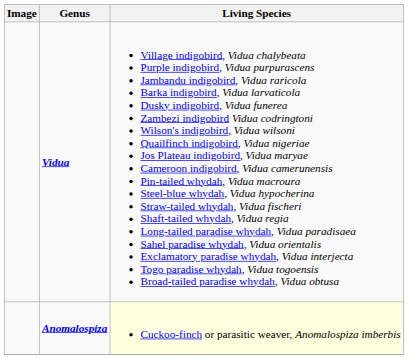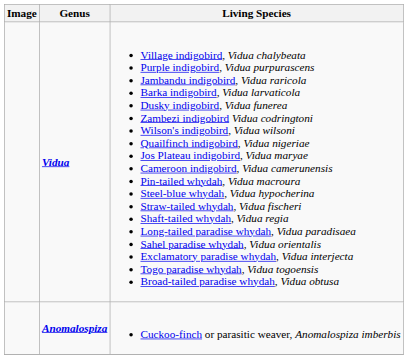 <table class="wikitable">
 <tr>
 <th>Image</th>
 <th>Genus</th>
 <th>Living Species</th>
 </tr>
 <tr>
 <td></td>
 <td><strong><em><a href='#'>Vidua</a></em></strong> </td>
 <td><br><ul><li><a href='#'>Village indigobird</a>, <em>Vidua chalybeata</em></li><li><a href='#'>Purple indigobird</a>, <em>Vidua purpurascens</em></li><li><a href='#'>Jambandu indigobird</a>, <em>Vidua raricola</em></li><li><a href='#'>Barka indigobird</a>, <em>Vidua larvaticola</em></li><li><a href='#'>Dusky indigobird</a>, <em>Vidua funerea</em></li><li><a href='#'>Zambezi indigobird</a> <em>Vidua codringtoni</em></li><li><a href='#'>Wilson's indigobird</a>, <em>Vidua wilsoni</em></li><li><a href='#'>Quailfinch indigobird</a>, <em>Vidua nigeriae</em></li><li><a href='#'>Jos Plateau indigobird</a>, <em>Vidua maryae</em></li><li><a href='#'>Cameroon indigobird</a>, <em>Vidua camerunensis</em></li><li><a href='#'>Pin-tailed whydah</a>, <em>Vidua macroura</em></li><li><a href='#'>Steel-blue whydah</a>, <em>Vidua hypocherina</em></li><li><a href='#'>Straw-tailed whydah</a>, <em>Vidua fischeri</em></li><li><a href='#'>Shaft-tailed whydah</a>, <em>Vidua regia</em></li><li><a href='#'>Long-tailed paradise whydah</a>, <em>Vidua paradisaea</em></li><li><a href='#'>Sahel paradise whydah</a>, <em>Vidua orientalis</em></li><li><a href='#'>Exclamatory paradise whydah</a>, <em>Vidua interjecta</em></li><li><a href='#'>Togo paradise whydah</a>, <em>Vidua togoensis</em></li><li><a href='#'>Broad-tailed paradise whydah</a>, <em>Vidua obtusa</em></li></ul></td>
 </tr>
 <tr>
 <td></td>
 <td><strong><em><a href='#'>Anomalospiza</a></em></strong> </td>
-<td style="background: lightyellow;"><br><ul><li><a href='#'>Cuckoo-finch</a> or parasitic weaver, <em>Anomalospiza imberbis</em></li></ul></td>
+<td><br><ul><li><a href='#'>Cuckoo-finch</a> or parasitic weaver, <em>Anomalospiza imberbis</em></li></ul></td>
 </tr>
 <tr>
 </tr>
 </table>
